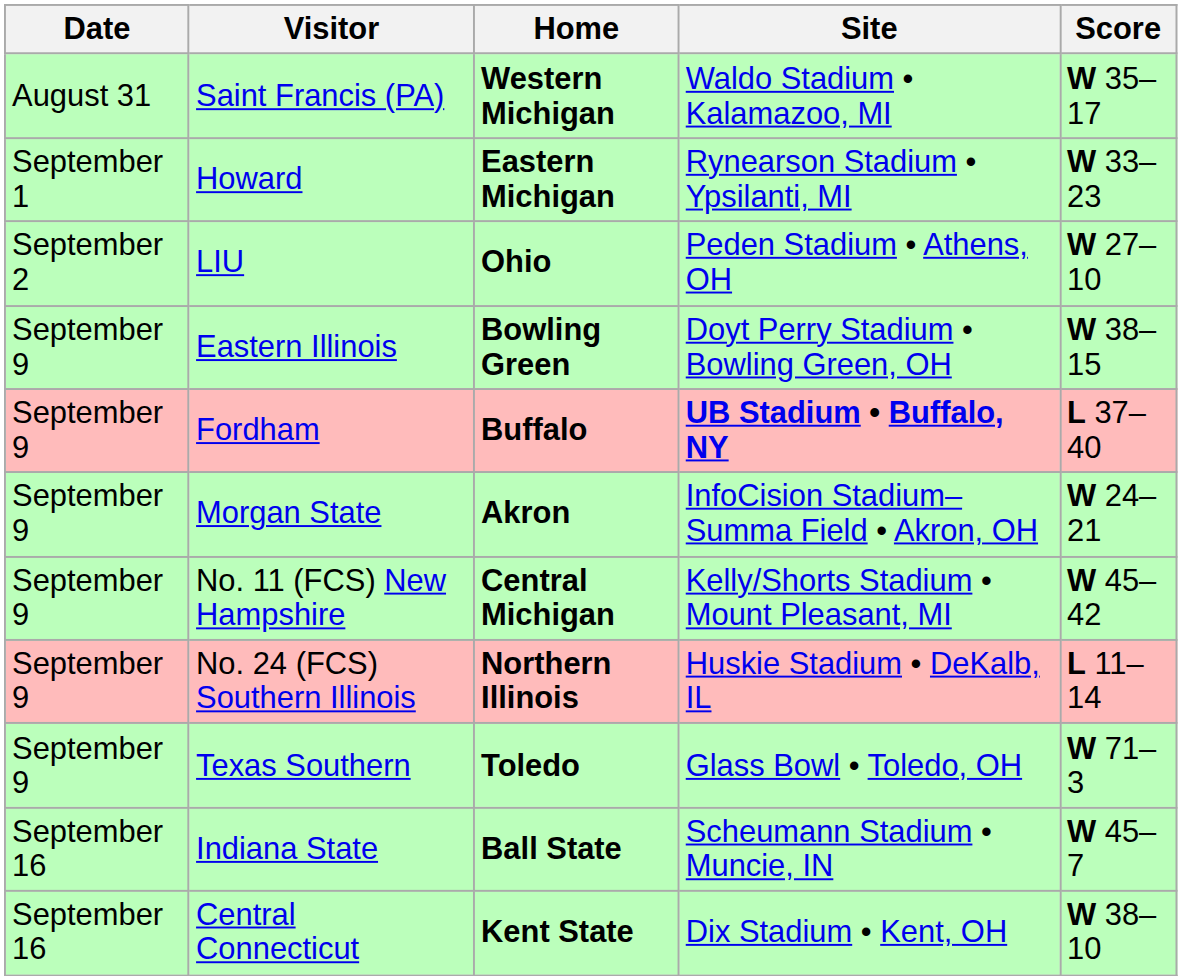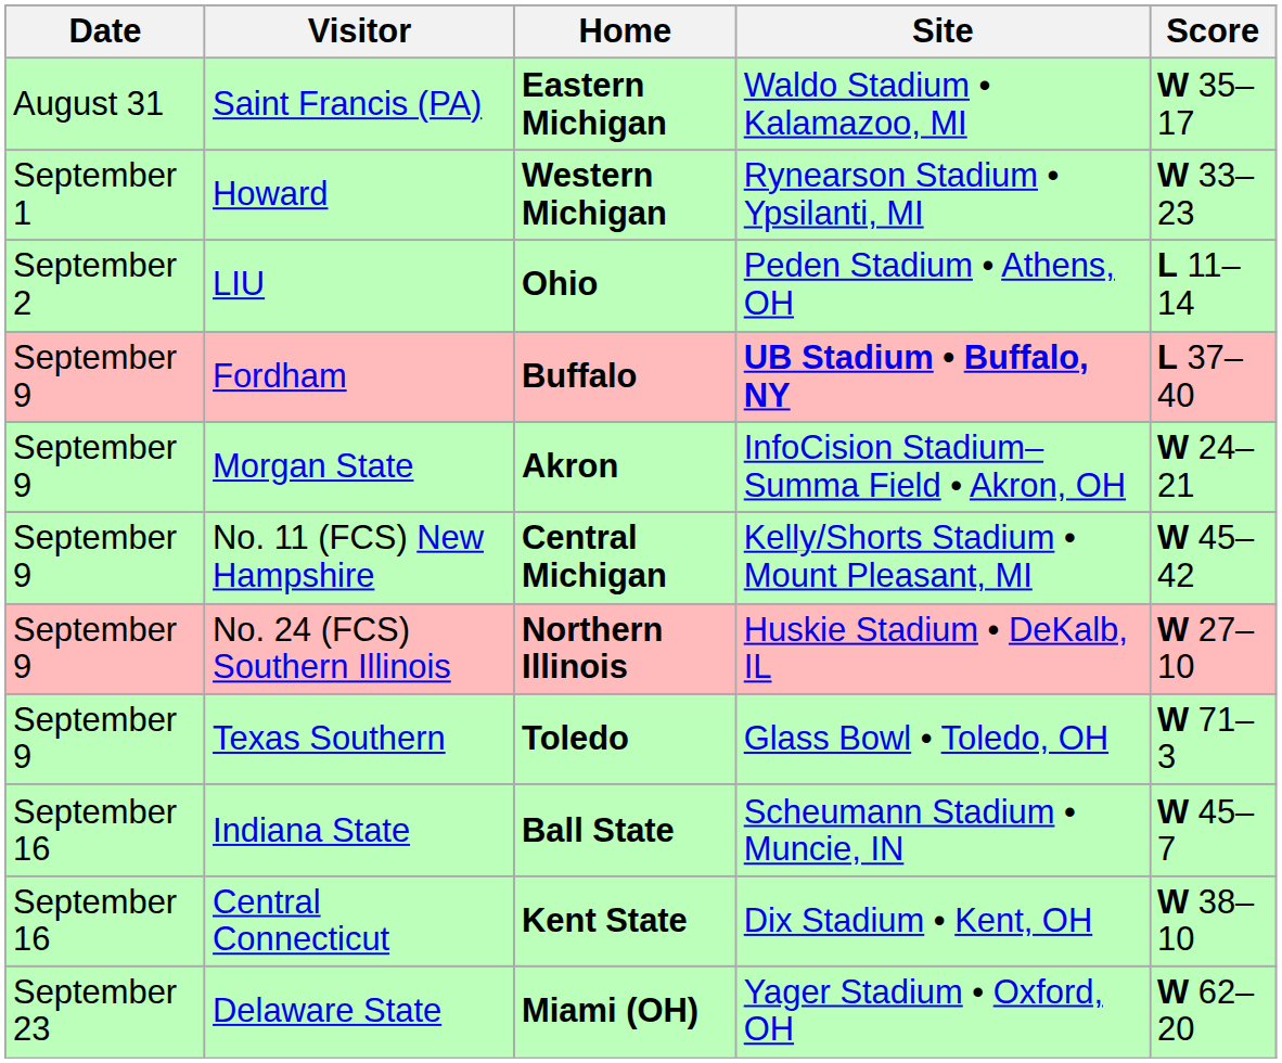 <table class="wikitable">
 <tr>
 <th>Date</th>
 <th>Visitor</th>
 <th>Home</th>
 <th>Site</th>
 <th>Score</th>
 </tr>
 <tr style="background:#bfb;">
 <td>August 31</td>
 <td><a href='#'>Saint Francis (PA)</a></td>
-<td><strong>Western Michigan</strong></td>
+<td><strong>Eastern Michigan</strong></td>
 <td><a href='#'>Waldo Stadium</a> • <a href='#'>Kalamazoo, MI</a></td>
 <td><strong>W</strong> 35–17</td>
 </tr>
 <tr style="background:#bfb;">
 <td>September 1</td>
 <td><a href='#'>Howard</a></td>
-<td><strong>Eastern Michigan</strong></td>
+<td><strong>Western Michigan</strong></td>
 <td><a href='#'>Rynearson Stadium</a> • <a href='#'>Ypsilanti, MI</a></td>
 <td><strong>W</strong> 33–23</td>
 </tr>
 <tr style="background:#bfb;">
 <td>September 2</td>
 <td><a href='#'>LIU</a></td>
 <td><strong>Ohio</strong></td>
 <td><a href='#'>Peden Stadium</a> • <a href='#'>Athens, OH</a></td>
-<td><strong>W</strong> 27–10</td>
-</tr>
-<tr style="background:#bfb;">
-<td>September 9</td>
-<td><a href='#'>Eastern Illinois</a></td>
-<td><strong>Bowling Green</strong></td>
-<td><a href='#'>Doyt Perry Stadium</a> • <a href='#'>Bowling Green, OH</a></td>
-<td><strong>W</strong> 38–15</td>
+<td><strong>L</strong> 11–14</td>
 </tr>
 <tr style="background:#fbb;">
 <td>September 9</td>
 <td><a href='#'>Fordham</a></td>
 <td><strong>Buffalo</strong></td>
 <td><strong><a href='#'>UB Stadium</a> • <a href='#'>Buffalo, NY</a></strong></td>
 <td><strong>L</strong> 37–40</td>
 </tr>
 <tr style="background:#bfb;">
 <td>September 9</td>
 <td><a href='#'>Morgan State</a></td>
 <td><strong>Akron</strong></td>
 <td><a href='#'>InfoCision Stadium–Summa Field</a> • <a href='#'>Akron, OH</a></td>
 <td><strong>W</strong> 24–21</td>
 </tr>
 <tr style="background:#bfb;">
 <td>September 9</td>
 <td>No. 11 (FCS) <a href='#'>New Hampshire</a></td>
 <td><strong>Central Michigan</strong></td>
 <td><a href='#'>Kelly/Shorts Stadium</a> • <a href='#'>Mount Pleasant, MI</a></td>
 <td><strong>W</strong> 45–42</td>
 </tr>
 <tr style="background:#fbb;">
 <td>September 9</td>
 <td>No. 24 (FCS) <a href='#'>Southern Illinois</a></td>
 <td><strong>Northern Illinois</strong></td>
 <td><a href='#'>Huskie Stadium</a> • <a href='#'>DeKalb, IL</a></td>
-<td><strong>L</strong> 11–14</td>
+<td><strong>W</strong> 27–10</td>
 </tr>
 <tr style="background:#bfb;">
 <td>September 9</td>
 <td><a href='#'>Texas Southern</a></td>
 <td><strong>Toledo</strong></td>
 <td><a href='#'>Glass Bowl</a> • <a href='#'>Toledo, OH</a></td>
 <td><strong>W</strong> 71–3</td>
 </tr>
 <tr style="background:#bfb;">
 <td>September 16</td>
 <td><a href='#'>Indiana State</a></td>
 <td><strong>Ball State</strong></td>
 <td><a href='#'>Scheumann Stadium</a> • <a href='#'>Muncie, IN</a></td>
 <td><strong>W</strong> 45–7</td>
 </tr>
 <tr style="background:#bfb;">
 <td>September 16</td>
 <td><a href='#'>Central Connecticut</a></td>
 <td><strong>Kent State</strong></td>
 <td><a href='#'>Dix Stadium</a> • <a href='#'>Kent, OH</a></td>
 <td><strong>W</strong> 38–10</td>
 </tr>
+<tr style="background:#bfb;">
+<td>September 23</td>
+<td><a href='#'>Delaware State</a></td>
+<td><strong>Miami (OH)</strong></td>
+<td><a href='#'>Yager Stadium</a> • <a href='#'>Oxford, OH</a></td>
+<td><strong>W</strong> 62–20</td>
+</tr>
 <tr>
 </tr>
 </table>
